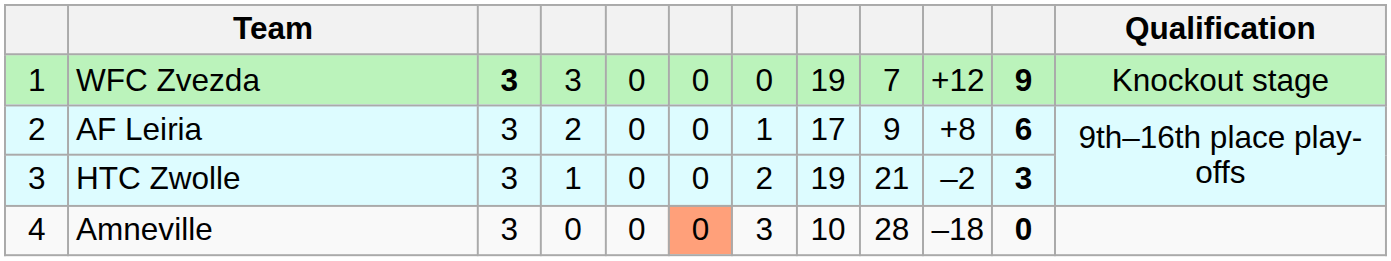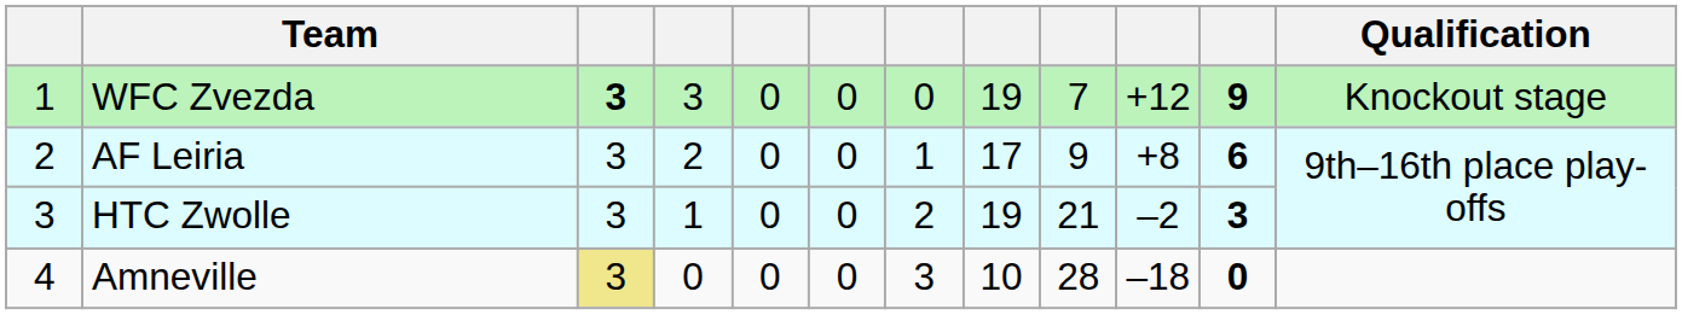 <table class="wikitable" style="font-size: 100%">
 <tr>
 <th width="25"></th>
 <th width="200">Team</th>
 <th width="25"></th>
 <th width="25"></th>
 <th width="25"></th>
 <th width="25"></th>
 <th width="25"></th>
 <th width="25"></th>
 <th width="25"></th>
 <th width="25"></th>
 <th width="25"></th>
 <th width="160">Qualification</th>
 </tr>
 <tr align=center bgcolor=#bbf3bb>
 <td>1</td>
 <td align=left> WFC Zvezda</td>
 <td><strong>3</strong></td>
 <td>3</td>
 <td>0</td>
 <td>0</td>
 <td>0</td>
 <td>19</td>
 <td>7</td>
 <td>+12</td>
 <td><strong>9</strong></td>
 <td rowspan=1>Knockout stage</td>
 </tr>
 <tr align=center bgcolor=#ddfcff>
 <td>2</td>
 <td align=left> AF Leiria</td>
 <td>3</td>
 <td>2</td>
 <td>0</td>
 <td>0</td>
 <td>1</td>
 <td>17</td>
 <td>9</td>
 <td>+8</td>
 <td><strong>6</strong></td>
 <td rowspan=2>9th–16th place play-offs</td>
 </tr>
 <tr align=center bgcolor=#ddfcff>
 <td>3</td>
 <td align=left> HTC Zwolle</td>
 <td>3</td>
 <td>1</td>
 <td>0</td>
 <td>0</td>
 <td>2</td>
 <td>19</td>
 <td>21</td>
 <td>–2</td>
 <td><strong>3</strong></td>
 </tr>
 <tr align=center>
 <td>4</td>
 <td align=left> Amneville</td>
-<td>3</td>
+<td style="background: khaki;">3</td>
 <td>0</td>
 <td>0</td>
-<td style="background: lightsalmon;">0</td>
+<td>0</td>
 <td>3</td>
 <td>10</td>
 <td>28</td>
 <td>–18</td>
 <td><strong>0</strong></td>
 <td></td>
 </tr>
 </table>
